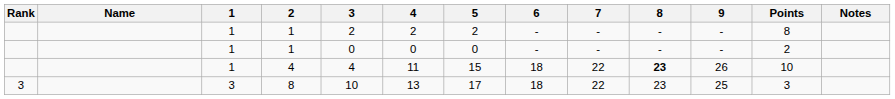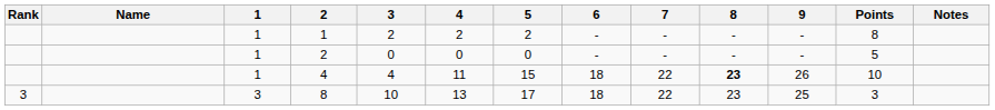 <table class="wikitable sortable" style="text-align:center;">
 <tr>
 <th>Rank</th>
 <th style="width:20em;">Name</th>
 <th style="width:7em;">1</th>
 <th style="width:7em;">2</th>
 <th style="width:7em;">3</th>
 <th style="width:7em;">4</th>
 <th style="width:7em;">5</th>
 <th style="width:7em;">6</th>
 <th style="width:7em;">7</th>
 <th style="width:7em;">8</th>
 <th style="width:7em;">9</th>
 <th style="width:7em;">Points</th>
 <th style="width:7em;">Notes</th>
 </tr>
 <tr>
 <td></td>
 <td align=left></td>
 <td>1</td>
 <td>1</td>
 <td>2</td>
 <td>2</td>
 <td>2</td>
 <td>-</td>
 <td>-</td>
 <td>-</td>
 <td>-</td>
 <td>8</td>
 <td></td>
 </tr>
 <tr>
 <td></td>
 <td align=left></td>
 <td>1</td>
-<td>1</td>
+<td>2</td>
 <td>0</td>
 <td>0</td>
 <td>0</td>
 <td>-</td>
 <td>-</td>
 <td>-</td>
 <td>-</td>
-<td>2</td>
+<td>5</td>
 <td></td>
 </tr>
 <tr>
 <td></td>
 <td align=left></td>
 <td>1</td>
 <td>4</td>
 <td>4</td>
 <td>11</td>
 <td>15</td>
 <td>18</td>
 <td>22</td>
 <td><strong>23</strong></td>
 <td>26</td>
 <td>10</td>
 <td></td>
 </tr>
 <tr>
 <td>3</td>
 <td align=left></td>
 <td>3</td>
 <td>8</td>
 <td>10</td>
 <td>13</td>
 <td>17</td>
 <td>18</td>
 <td>22</td>
 <td>23</td>
 <td>25</td>
 <td>3</td>
 <td></td>
 </tr>
 </table>
